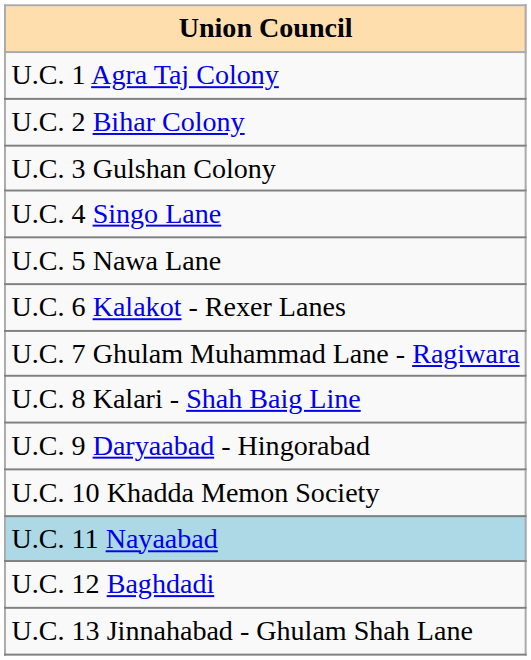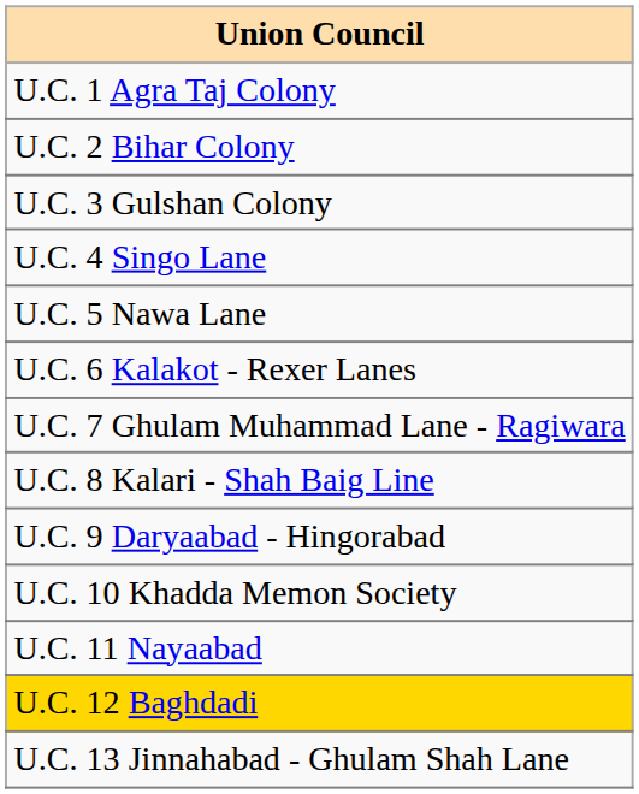 <table class="sortable wikitable" align="left" style="font-size:90%">
 <tr>
 <th style="background:#ffdead;"><strong>Union Council</strong></th>
 </tr>
 <tr>
 <td style="border-bottom:1px solid grey;">U.C. 1 <a href='#'>Agra Taj Colony</a></td>
 </tr>
 <tr>
 <td style="border-bottom:1px solid grey;">U.C. 2 <a href='#'>Bihar Colony</a></td>
 </tr>
 <tr>
 <td style="border-bottom:1px solid grey;">U.C. 3 Gulshan Colony</td>
 </tr>
 <tr>
 <td style="border-bottom:1px solid grey;">U.C. 4 <a href='#'>Singo Lane</a></td>
 </tr>
 <tr>
 <td style="border-bottom:1px solid grey;">U.C. 5 Nawa Lane</td>
 </tr>
 <tr>
 <td style="border-bottom:1px solid grey;">U.C. 6 <a href='#'>Kalakot</a> - Rexer Lanes</td>
 </tr>
 <tr>
 <td style="border-bottom:1px solid grey;">U.C. 7 Ghulam Muhammad Lane - <a href='#'>Ragiwara</a></td>
 </tr>
 <tr>
 <td style="border-bottom:1px solid grey;">U.C. 8 Kalari - <a href='#'>Shah Baig Line</a></td>
 </tr>
 <tr>
 <td style="border-bottom:1px solid grey;">U.C. 9 <a href='#'>Daryaabad</a> - Hingorabad</td>
 </tr>
 <tr>
 <td style="border-bottom:1px solid grey;">U.C. 10 Khadda Memon Society</td>
 </tr>
 <tr>
-<td style="background: lightblue; border-bottom:1px solid grey;">U.C. 11 <a href='#'>Nayaabad</a></td>
+<td style="border-bottom:1px solid grey;">U.C. 11 <a href='#'>Nayaabad</a></td>
 </tr>
 <tr>
-<td style="border-bottom:1px solid grey;">U.C. 12 <a href='#'>Baghdadi</a></td>
+<td style="background: gold; border-bottom:1px solid grey;">U.C. 12 <a href='#'>Baghdadi</a></td>
 </tr>
 <tr>
 <td style="border-bottom:1px solid grey;">U.C. 13 Jinnahabad - Ghulam Shah Lane</td>
 </tr>
 </table>
